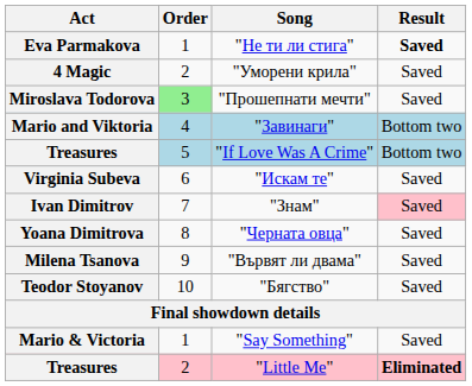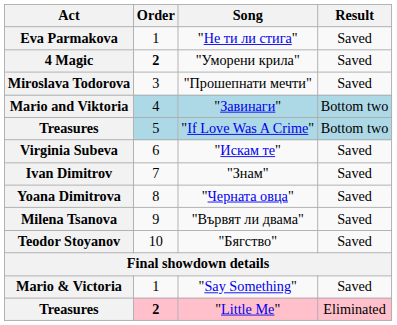 <table class="wikitable plainrowheaders" style="text-align:center;">
 <tr>
 <th scope="col">Act</th>
 <th scope="col">Order</th>
 <th scope="col">Song</th>
 <th scope="col">Result</th>
 </tr>
 <tr>
 <th scope="row">Eva Parmakova</th>
 <td>1</td>
 <td>"<a href='#'>Не ти ли стига</a>"</td>
-<td><strong>Saved</strong></td>
+<td>Saved</td>
 </tr>
 <tr>
 <th scope="row">4 Magic</th>
-<td>2</td>
+<td><strong>2</strong></td>
 <td>"Уморени крила"</td>
 <td>Saved</td>
 </tr>
 <tr>
 <th scope="row">Miroslava Todorova</th>
-<td style="background: lightgreen;">3</td>
+<td>3</td>
 <td>"Прошепнати мечти"</td>
 <td>Saved</td>
 </tr>
 <tr style="background:lightblue;">
 <th scope="row">Mario and Viktoria</th>
 <td>4</td>
 <td>"<a href='#'>Завинаги</a>"</td>
 <td>Bottom two</td>
 </tr>
 <tr style="background:lightblue;">
 <th scope="row">Treasures</th>
 <td>5</td>
 <td>"<a href='#'>If Love Was A Crime</a>"</td>
 <td>Bottom two</td>
 </tr>
 <tr>
 <th scope="row">Virginia Subeva</th>
 <td>6</td>
 <td>"<a href='#'>Искам те</a>"</td>
 <td>Saved</td>
 </tr>
 <tr>
 <th scope="row">Ivan Dimitrov</th>
 <td>7</td>
 <td>"Знам"</td>
-<td style="background: pink;">Saved</td>
+<td>Saved</td>
 </tr>
 <tr>
 <th scope="row">Yoana Dimitrova</th>
 <td>8</td>
 <td>"<a href='#'>Черната овца</a>"</td>
 <td>Saved</td>
 </tr>
 <tr>
 <th scope="row">Milena Tsanova</th>
 <td>9</td>
 <td>"Вървят ли двама"</td>
 <td>Saved</td>
 </tr>
 <tr>
 <th scope="row">Teodor Stoyanov</th>
 <td>10</td>
 <td>"Бягство"</td>
 <td>Saved</td>
 </tr>
 <tr>
 <th colspan="4">Final showdown details</th>
 </tr>
 <tr>
 <th scope="row">Mario & Victoria</th>
 <td>1</td>
 <td>"<a href='#'>Say Something</a>"</td>
 <td>Saved</td>
 </tr>
 <tr style="background:pink;">
 <th scope="row">Treasures</th>
-<td>2</td>
+<td><strong>2</strong></td>
 <td>"<a href='#'>Little Me</a>"</td>
-<td><strong>Eliminated</strong></td>
+<td>Eliminated</td>
 </tr>
 </table>
